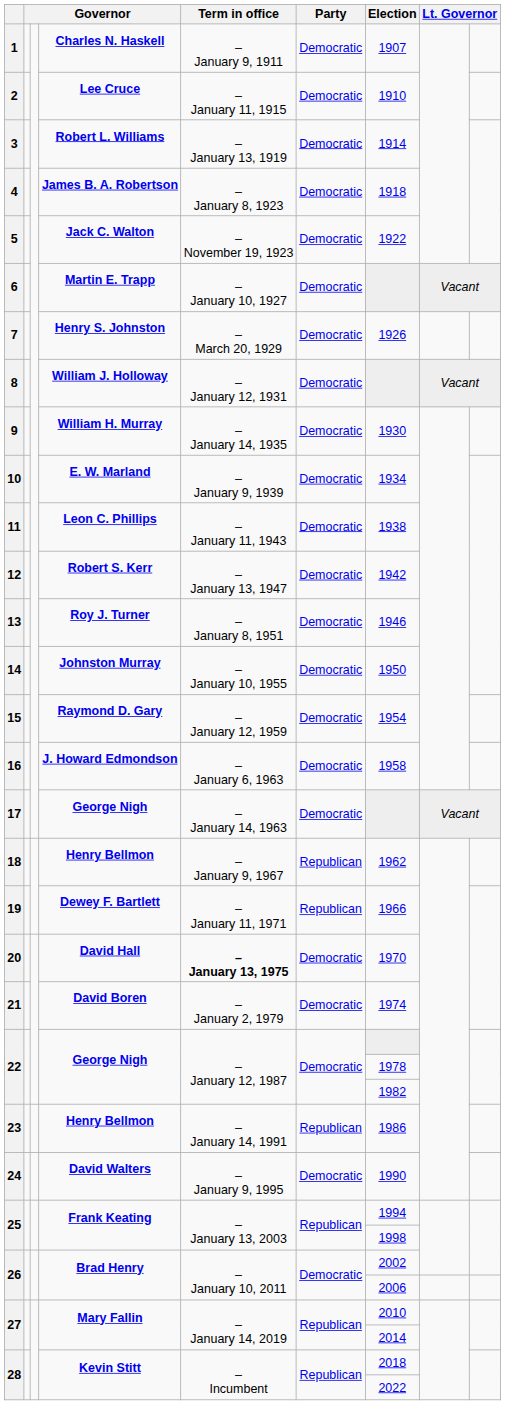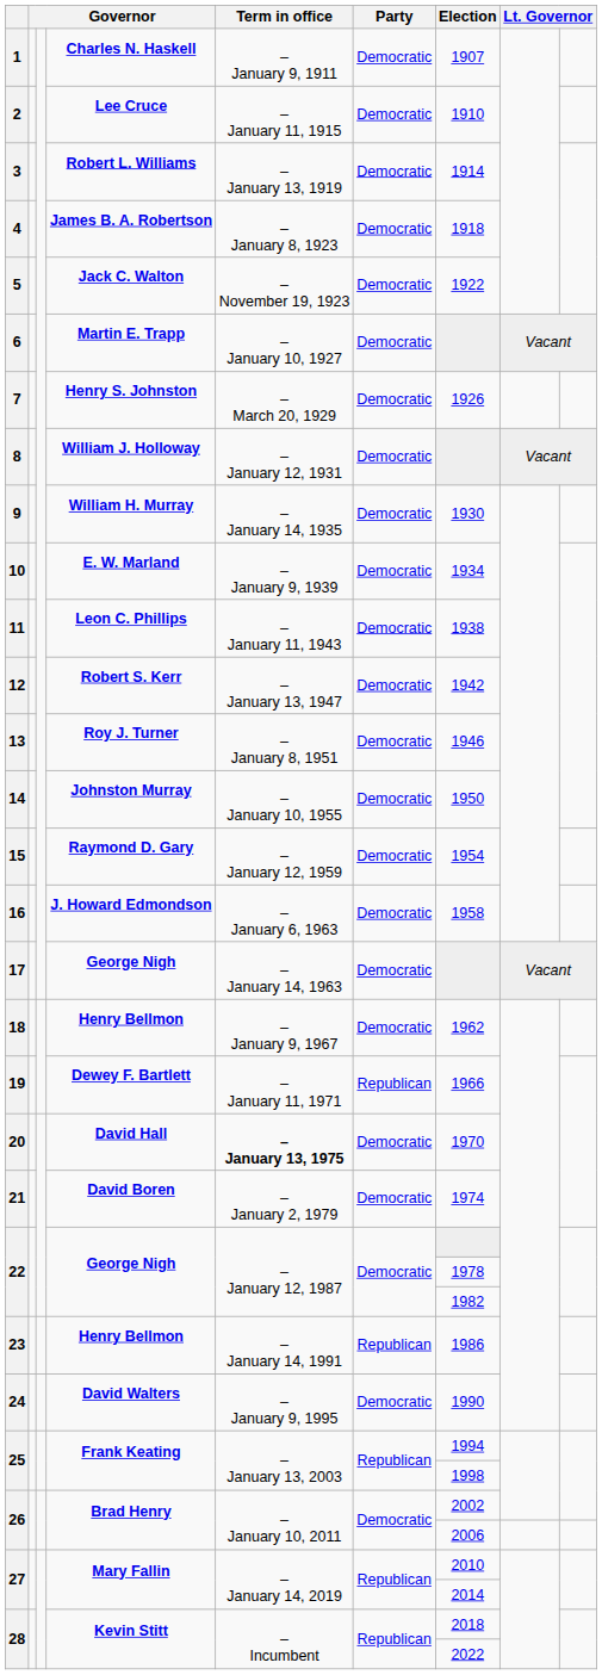 <table class="wikitable sortable mw-collapsible sticky-header-multi" style="text-align:center;">
 <tr>
 <th scope="col" data-sort-type="number"></th>
 <th scope="colgroup" colspan="3">Governor</th>
 <th scope="col">Term in office</th>
 <th scope="col">Party</th>
 <th scope="col">Election</th>
 <th scope="colgroup" colspan="2"><a href='#'>Lt. Governor</a></th>
 </tr>
 <tr style="height:2em;">
 <th scope="row">1</th>
 <td data-sort-value="Haskell, Charles"></td>
 <td rowspan="17" style="background: "> </td>
 <td><strong><a href='#'>Charles N. Haskell</a></strong><br><br></td>
 <td><br>–<br>January 9, 1911<br></td>
 <td><a href='#'>Democratic</a></td>
 <td><a href='#'>1907</a></td>
 <td rowspan="5" style="background: "> </td>
 <td></td>
 </tr>
 <tr style="height:2em;">
 <th scope="row">2</th>
 <td data-sort-value="Cruce, Lee"></td>
 <td><strong><a href='#'>Lee Cruce</a></strong><br><br></td>
 <td><br>–<br>January 11, 1915<br></td>
 <td><a href='#'>Democratic</a></td>
 <td><a href='#'>1910</a></td>
 <td></td>
 </tr>
 <tr style="height:2em;">
 <th scope="row">3</th>
 <td data-sort-value="Williams, Robert"></td>
 <td><strong><a href='#'>Robert L. Williams</a></strong><br><br></td>
 <td><br>–<br>January 13, 1919<br></td>
 <td><a href='#'>Democratic</a></td>
 <td><a href='#'>1914</a></td>
 <td rowspan="3"></td>
 </tr>
 <tr style="height:2em;">
 <th scope="row">4</th>
 <td data-sort-value="Robertson, James"></td>
 <td><strong><a href='#'>James B. A. Robertson</a></strong><br><br></td>
 <td><br>–<br>January 8, 1923<br></td>
 <td><a href='#'>Democratic</a></td>
 <td><a href='#'>1918</a></td>
 </tr>
 <tr style="height:2em;">
 <th scope="row">5</th>
 <td data-sort-value="Walton, Jack"></td>
 <td><strong><a href='#'>Jack C. Walton</a></strong><br><br></td>
 <td><br>–<br>November 19, 1923<br></td>
 <td><a href='#'>Democratic</a></td>
 <td><a href='#'>1922</a></td>
 </tr>
 <tr style="height:2em;">
 <th scope="row">6</th>
 <td data-sort-value="Trapp, Martin"></td>
 <td><strong><a href='#'>Martin E. Trapp</a></strong><br><br></td>
 <td><br>–<br>January 10, 1927<br></td>
 <td><a href='#'>Democratic</a></td>
 <td style="background:#EEEEEE;"></td>
 <td colspan="2" style="background:#EEEEEE;"><em>Vacant</em></td>
 </tr>
 <tr style="height:2em;">
 <th scope="row">7</th>
 <td data-sort-value="Johnston, Henry"></td>
 <td><strong><a href='#'>Henry S. Johnston</a></strong><br><br></td>
 <td><br>–<br>March 20, 1929<br></td>
 <td><a href='#'>Democratic</a></td>
 <td><a href='#'>1926</a></td>
 <td style="color:inherit;background: "></td>
 <td></td>
 </tr>
 <tr style="height:2em;">
 <th scope="row">8</th>
 <td data-sort-value="Holloway, William"></td>
 <td><strong><a href='#'>William J. Holloway</a></strong><br><br></td>
 <td><br>–<br>January 12, 1931<br></td>
 <td><a href='#'>Democratic</a></td>
 <td style="background:#EEEEEE;"></td>
 <td colspan="2" style="background:#EEEEEE;"><em>Vacant</em></td>
 </tr>
 <tr style="height:2em;">
 <th scope="row">9</th>
 <td data-sort-value="Murray, William"></td>
 <td><strong><a href='#'>William H. Murray</a></strong><br><br></td>
 <td><br>–<br>January 14, 1935<br></td>
 <td><a href='#'>Democratic</a></td>
 <td><a href='#'>1930</a></td>
 <td rowspan="8" style="color:inherit;background: "></td>
 <td></td>
 </tr>
 <tr style="height:2em;">
 <th scope="row">10</th>
 <td data-sort-value="Marland, E. W."></td>
 <td><strong><a href='#'>E. W. Marland</a></strong><br><br></td>
 <td><br>–<br>January 9, 1939<br></td>
 <td><a href='#'>Democratic</a></td>
 <td><a href='#'>1934</a></td>
 <td rowspan="5"></td>
 </tr>
 <tr style="height:2em;">
 <th scope="row">11</th>
 <td data-sort-value="Phillips, Leon"></td>
 <td><strong><a href='#'>Leon C. Phillips</a></strong><br><br></td>
 <td><br>–<br>January 11, 1943<br></td>
 <td><a href='#'>Democratic</a></td>
 <td><a href='#'>1938</a></td>
 </tr>
 <tr style="height:2em;">
 <th scope="row">12</th>
 <td data-sort-value="Kerr, Robert"></td>
 <td><strong><a href='#'>Robert S. Kerr</a></strong><br><br></td>
 <td><br>–<br>January 13, 1947<br></td>
 <td><a href='#'>Democratic</a></td>
 <td><a href='#'>1942</a></td>
 </tr>
 <tr style="height:2em;">
 <th scope="row">13</th>
 <td data-sort-value="Turner, Roy"></td>
 <td><strong><a href='#'>Roy J. Turner</a></strong><br><br></td>
 <td><br>–<br>January 8, 1951<br></td>
 <td><a href='#'>Democratic</a></td>
 <td><a href='#'>1946</a></td>
 </tr>
 <tr style="height:2em;">
 <th scope="row">14</th>
 <td data-sort-value="Murray, Johnston"></td>
 <td><strong><a href='#'>Johnston Murray</a></strong><br><br></td>
 <td><br>–<br>January 10, 1955<br></td>
 <td><a href='#'>Democratic</a></td>
 <td><a href='#'>1950</a></td>
 </tr>
 <tr style="height:2em;">
 <th scope="row">15</th>
 <td data-sort-value="Gary, Raymond"></td>
 <td><strong><a href='#'>Raymond D. Gary</a></strong><br><br></td>
 <td><br>–<br>January 12, 1959<br></td>
 <td><a href='#'>Democratic</a></td>
 <td><a href='#'>1954</a></td>
 <td></td>
 </tr>
 <tr style="height:2em;">
 <th scope="row">16</th>
 <td data-sort-value="Edmondson, J."></td>
 <td><strong><a href='#'>J. Howard Edmondson</a></strong><br><br></td>
 <td><br>–<br>January 6, 1963<br></td>
 <td><a href='#'>Democratic</a></td>
 <td><a href='#'>1958</a></td>
 <td></td>
 </tr>
 <tr style="height:2em;">
 <th scope="row">17</th>
 <td data-sort-value="Nigh, George"></td>
 <td><strong><a href='#'>George Nigh</a></strong><br><br></td>
 <td><br>–<br>January 14, 1963<br></td>
 <td><a href='#'>Democratic</a></td>
 <td style="background:#EEEEEE;"></td>
 <td colspan="2" style="background:#EEEEEE;"><em>Vacant</em></td>
 </tr>
 <tr style="height:2em;">
 <th scope="row">18</th>
 <td data-sort-value="Bellmon, Henry"></td>
 <td rowspan="2" style="color:inherit;background: "></td>
 <td><strong><a href='#'>Henry Bellmon</a></strong><br><br></td>
 <td><br>–<br>January 9, 1967<br></td>
-<td><a href='#'>Republican</a></td>
+<td><a href='#'>Democratic</a></td>
 <td><a href='#'>1962</a></td>
 <td rowspan="9" style="color:inherit;background: "></td>
 <td></td>
 </tr>
 <tr style="height:2em;">
 <th scope="row">19</th>
 <td data-sort-value="Bartlett, Dewey"></td>
 <td><strong><a href='#'>Dewey F. Bartlett</a></strong><br><br></td>
 <td><br>–<br>January 11, 1971<br></td>
 <td><a href='#'>Republican</a></td>
 <td><a href='#'>1966</a></td>
 <td rowspan="3"></td>
 </tr>
 <tr style="height:2em;">
 <th scope="row">20</th>
 <td data-sort-value="Hall, David"></td>
 <td rowspan="5" style="color:inherit;background: "></td>
 <td><strong><a href='#'>David Hall</a></strong><br><br></td>
 <td><strong><br>–<br>January 13, 1975<br></strong></td>
 <td><a href='#'>Democratic</a></td>
 <td><a href='#'>1970</a></td>
 </tr>
 <tr style="height:2em;">
 <th scope="row">21</th>
 <td data-sort-value="Boren, David"></td>
 <td><strong><a href='#'>David Boren</a></strong><br><br></td>
 <td><br>–<br>January 2, 1979<br></td>
 <td><a href='#'>Democratic</a></td>
 <td><a href='#'>1974</a></td>
 </tr>
 <tr style="height:2em;">
 <th rowspan="3" scope="rowgroup">22</th>
 <td rowspan="3" data-sort-value="Nigh, George"></td>
 <td rowspan="3"><strong><a href='#'>George Nigh</a></strong><br><br></td>
 <td rowspan="3"><br>–<br>January 12, 1987<br></td>
 <td rowspan="3"><a href='#'>Democratic</a></td>
 <td style="background:#EEEEEE;"></td>
 <td rowspan="3"></td>
 </tr>
 <tr style="height:2em;">
 <td><a href='#'>1978</a></td>
 </tr>
 <tr style="height:2em;">
 <td><a href='#'>1982</a></td>
 </tr>
 <tr style="height:2em;">
 <th scope="row">23</th>
 <td data-sort-value="Bellmon, Henry"></td>
 <td style="color:inherit;background: "></td>
 <td><strong><a href='#'>Henry Bellmon</a></strong><br><br></td>
 <td><br>–<br>January 14, 1991<br></td>
 <td><a href='#'>Republican</a></td>
 <td><a href='#'>1986</a></td>
 <td></td>
 </tr>
 <tr style="height:2em;">
 <th scope="row">24</th>
 <td data-sort-value="Walters, David"></td>
 <td style="color:inherit;background: "></td>
 <td><strong><a href='#'>David Walters</a></strong><br><br></td>
 <td><br>–<br>January 9, 1995<br></td>
 <td><a href='#'>Democratic</a></td>
 <td><a href='#'>1990</a></td>
 <td></td>
 </tr>
 <tr style="height:2em;">
 <th rowspan="2" scope="rowgroup">25</th>
 <td rowspan="2" data-sort-value="Keating, Frank"></td>
 <td rowspan="2" style="color:inherit;background: "></td>
 <td rowspan="2"><strong><a href='#'>Frank Keating</a></strong><br><br></td>
 <td rowspan="2"><br>–<br>January 13, 2003<br></td>
 <td rowspan="2"><a href='#'>Republican</a></td>
 <td><a href='#'>1994</a></td>
 <td rowspan="3" style="color:inherit;background: "></td>
 <td rowspan="3"></td>
 </tr>
 <tr style="height:2em;">
 <td><a href='#'>1998</a></td>
 </tr>
 <tr style="height:2em;">
 <th rowspan="2" scope="rowgroup">26</th>
 <td rowspan="2" data-sort-value="Henry, Brad"></td>
 <td rowspan="2" style="color:inherit;background: "></td>
 <td rowspan="2"><strong><a href='#'>Brad Henry</a></strong><br><br></td>
 <td rowspan="2"><br>–<br>January 10, 2011<br></td>
 <td rowspan="2"><a href='#'>Democratic</a></td>
 <td><a href='#'>2002</a></td>
 </tr>
 <tr style="height:2em;">
 <td><a href='#'>2006</a></td>
 <td style="color:inherit;background: "></td>
 <td></td>
 </tr>
 <tr style="height:2em;">
 <th rowspan="2" scope="rowgroup"scope="rowgroup">27</th>
 <td rowspan="2" data-sort-value="Fallin, Mary"></td>
 <td rowspan="4" style="color:inherit;background: "></td>
 <td rowspan="2"><strong><a href='#'>Mary Fallin</a></strong><br><br></td>
 <td rowspan="2"><br>–<br>January 14, 2019<br></td>
 <td rowspan="2"><a href='#'>Republican</a></td>
 <td><a href='#'>2010</a></td>
 <td rowspan="4" style="color:inherit;background: "></td>
 <td rowspan="2"></td>
 </tr>
 <tr style="height:2em;">
 <td><a href='#'>2014</a></td>
 </tr>
 <tr style="height:2em;">
 <th rowspan="2" scope="rowgroup">28</th>
 <td rowspan="2" data-sort-value="Stitt, Kevin"></td>
 <td rowspan="2"><strong><a href='#'>Kevin Stitt</a></strong><br><br></td>
 <td rowspan="2"><br>–<br>Incumbent</td>
 <td rowspan="2"><a href='#'>Republican</a></td>
 <td><a href='#'>2018</a></td>
 <td rowspan="2"></td>
 </tr>
 <tr style="height:2em;">
 <td><a href='#'>2022</a></td>
 </tr>
 </table>
